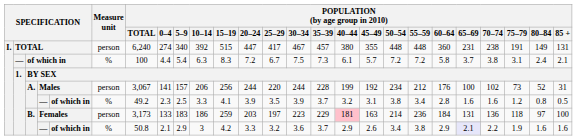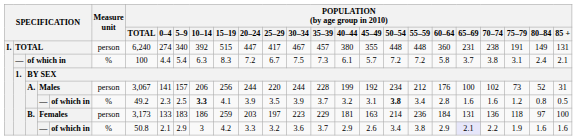 <table class="wikitable" style="font-size:85%; text-align:center">
 <tr>
 <th rowspan="2" colspan="5">SPECIFICATION</th>
 <th rowspan="2">Measure<br> unit</th>
 <th colspan="20" rowspan="1">POPULATION<br> (by age group in 2010)</th>
 </tr>
 <tr>
 <th>TOTAL</th>
 <th>0–4</th>
 <th>5–9</th>
 <th>10–14</th>
 <th>15–19</th>
 <th>20–24</th>
 <th>25–29</th>
 <th>30–34</th>
 <th>35–39</th>
 <th>40–44</th>
 <th>45–49</th>
 <th>50–54</th>
 <th>55–59</th>
 <th>60–64</th>
 <th>65–69</th>
 <th>70–74</th>
 <th>75–79</th>
 <th>80–84</th>
 <th>85 +</th>
 </tr>
 <tr>
 <th style="text-align:left" valign="top" rowspan="7">I.</th>
 <th style="text-align:left" colspan="4">TOTAL</th>
 <td>person</td>
 <td>6,240</td>
 <td>274</td>
 <td>340</td>
 <td>392</td>
 <td>515</td>
 <td>447</td>
 <td>417</td>
 <td>467</td>
 <td>457</td>
 <td>380</td>
 <td>355</td>
 <td>448</td>
 <td>448</td>
 <td>360</td>
 <td>231</td>
 <td>238</td>
 <td>191</td>
 <td>149</td>
 <td>131</td>
 </tr>
 <tr>
 <th style="text-align:left" valign="top">—</th>
 <th style="text-align:left" colspan="3">of which in</th>
 <td>%</td>
 <td>100</td>
 <td>4.4</td>
 <td>5.4</td>
 <td>6.3</td>
 <td>8.3</td>
 <td>7.2</td>
 <td>6.7</td>
 <td>7.5</td>
 <td>7.3</td>
 <td>6.1</td>
 <td>5.7</td>
 <td>7.2</td>
 <td>7.2</td>
 <td>5.8</td>
 <td>3.7</td>
 <td>3.8</td>
 <td>3.1</td>
 <td>2.4</td>
 <td>2.1</td>
 </tr>
 <tr>
 <th style="text-align:left" valign="top" rowspan="5">1.</th>
 <th style="text-align:left" colspan="23">BY SEX</th>
 </tr>
 <tr>
 <th style="text-align:left" valign="top" rowspan="2">A.</th>
 <th style="text-align:left" colspan="2">Males</th>
 <td>person</td>
 <td>3,067</td>
 <td>141</td>
 <td>157</td>
 <td>206</td>
 <td>256</td>
 <td>244</td>
 <td>220</td>
 <td>244</td>
 <td>228</td>
 <td>199</td>
 <td>192</td>
 <td>234</td>
 <td>212</td>
 <td>176</td>
 <td>100</td>
 <td>102</td>
 <td>73</td>
 <td>52</td>
 <td>31</td>
 </tr>
 <tr>
 <th style="text-align:left" valign="top">—</th>
 <th style="text-align:left" colspan="1">of which in</th>
 <td>%</td>
 <td>49.2</td>
 <td>2.3</td>
 <td>2.5</td>
-<td>3.3</td>
+<td><strong>3.3</strong></td>
 <td>4.1</td>
 <td>3.9</td>
 <td>3.5</td>
 <td>3.9</td>
 <td>3.7</td>
 <td>3.2</td>
 <td>3.1</td>
-<td>3.8</td>
+<td><strong>3.8</strong></td>
 <td>3.4</td>
 <td>2.8</td>
 <td>1.6</td>
 <td>1.6</td>
 <td>1.2</td>
 <td>0.8</td>
 <td>0.5</td>
 </tr>
 <tr>
 <th style="text-align:left" valign="top" rowspan="2">B.</th>
 <th style="text-align:left" colspan="2">Females</th>
 <td>person</td>
 <td>3,173</td>
 <td>133</td>
 <td>183</td>
 <td>186</td>
 <td>259</td>
 <td>203</td>
 <td>197</td>
 <td>223</td>
 <td>229</td>
-<td style="background: pink;">181</td>
+<td>181</td>
 <td>163</td>
 <td>214</td>
 <td>236</td>
 <td>184</td>
 <td>131</td>
 <td>136</td>
 <td>118</td>
 <td>97</td>
 <td>100</td>
 </tr>
 <tr>
 <th style="text-align:left" valign="top">—</th>
 <th style="text-align:left" colspan="1">of which in</th>
 <td>%</td>
 <td>50.8</td>
 <td>2.1</td>
 <td>2.9</td>
 <td>3</td>
 <td>4.2</td>
 <td>3.3</td>
 <td>3.2</td>
 <td>3.6</td>
 <td>3.7</td>
 <td>2.9</td>
 <td>2.6</td>
 <td>3.4</td>
 <td>3.8</td>
 <td>2.9</td>
 <td style="background: lavender;">2.1</td>
 <td>2.2</td>
 <td>1.9</td>
 <td>1.6</td>
 <td>1.6</td>
 </tr>
 </table>
